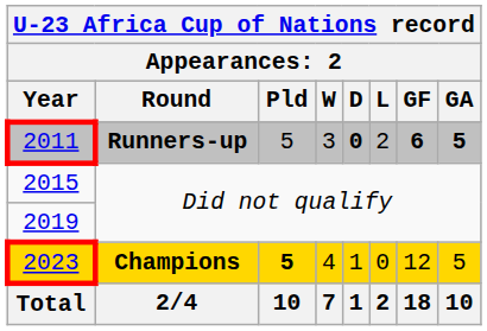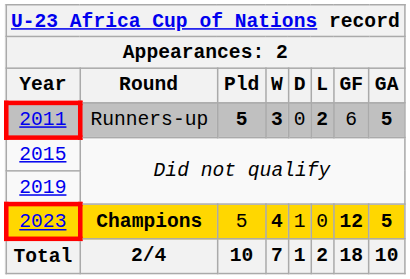 <table class="wikitable" style="text-align: center;">
 <tr>
 <th colspan=9><a href='#'>U-23 Africa Cup of Nations</a> record</th>
 </tr>
 <tr>
 <th colspan=9>Appearances: 2</th>
 </tr>
 <tr>
 <th>Year</th>
 <th>Round</th>
 <th>Pld</th>
 <th>W</th>
 <th>D</th>
 <th>L</th>
 <th>GF</th>
 <th>GA</th>
 </tr>
 <tr bgcolor=silver>
 <td style="border: 3px solid red"> <a href='#'>2011</a></td>
-<td><strong>Runners-up</strong></td>
-<td>5</td>
-<td>3</td>
-<td><strong>0</strong></td>
-<td>2</td>
-<td><strong>6</strong></td>
+<td>Runners-up</td>
+<td><strong>5</strong></td>
+<td><strong>3</strong></td>
+<td>0</td>
+<td><strong>2</strong></td>
+<td>6</td>
 <td><strong>5</strong></td>
 </tr>
 <tr>
 <td> <a href='#'>2015</a></td>
 <td rowspan=2 colspan=7><em>Did not qualify</em></td>
 </tr>
 <tr>
 <td> <a href='#'>2019</a></td>
 </tr>
 <tr bgcolor="gold">
 <td style="border: 3px solid red"> <a href='#'>2023</a></td>
 <td><strong>Champions</strong></td>
-<td><strong>5</strong></td>
-<td>4</td>
+<td>5</td>
+<td><strong>4</strong></td>
 <td>1</td>
 <td>0</td>
-<td>12</td>
-<td>5</td>
+<td><strong>12</strong></td>
+<td><strong>5</strong></td>
 </tr>
 <tr>
 <th><strong>Total</strong></th>
 <th>2/4</th>
 <th>10</th>
 <th>7</th>
 <th>1</th>
 <th>2</th>
 <th>18</th>
 <th>10</th>
 </tr>
 </table>
